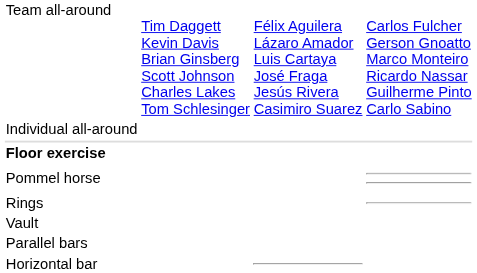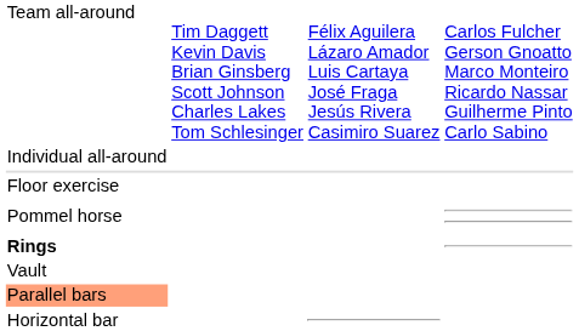 <table>
 <tr valign="top">
 <td>Team all-around<br></td>
 <td><br><a href='#'>Tim Daggett</a><br><a href='#'>Kevin Davis</a><br><a href='#'>Brian Ginsberg</a><br><a href='#'>Scott Johnson</a><br><a href='#'>Charles Lakes</a><br><a href='#'>Tom Schlesinger</a></td>
 <td><br><a href='#'>Félix Aguilera</a><br><a href='#'>Lázaro Amador</a><br><a href='#'>Luis Cartaya</a><br><a href='#'>José Fraga</a><br><a href='#'>Jesús Rivera</a><br><a href='#'>Casimiro Suarez</a></td>
 <td><br><a href='#'>Carlos Fulcher</a><br><a href='#'>Gerson Gnoatto</a><br><a href='#'>Marco Monteiro</a><br><a href='#'>Ricardo Nassar</a><br><a href='#'>Guilherme Pinto</a><br><a href='#'>Carlo Sabino</a></td>
 </tr>
 <tr>
 <td>Individual all-around<br></td>
 <td></td>
 <td></td>
 <td></td>
 </tr>
 <tr bgcolor=#DDDDDD>
 <td colspan=7></td>
 </tr>
 <tr>
-<td><strong>Floor exercise<br></strong></td>
+<td>Floor exercise<br></td>
 <td></td>
 <td></td>
 <td></td>
 </tr>
 <tr>
 <td>Pommel horse<br></td>
 <td></td>
 <td></td>
 <td><hr><hr></td>
 </tr>
 <tr>
-<td>Rings<br></td>
+<td><strong>Rings<br></strong></td>
 <td></td>
 <td></td>
 <td><hr></td>
 </tr>
 <tr>
 <td>Vault<br></td>
 <td></td>
 <td></td>
 <td></td>
 </tr>
 <tr>
-<td>Parallel bars<br></td>
+<td style="background: lightsalmon;">Parallel bars<br></td>
 <td></td>
 <td></td>
 <td></td>
 </tr>
 <tr>
 <td>Horizontal bar<br></td>
 <td></td>
 <td><hr></td>
 <td></td>
 </tr>
 </table>
